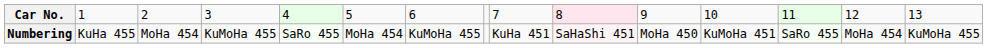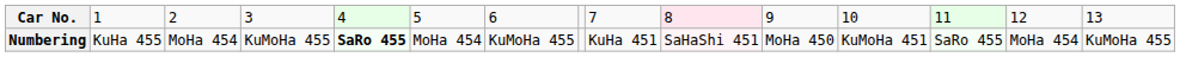 <table class="wikitable">
 <tr>
 <th>Car No.</th>
 <td>1</td>
 <td>2</td>
 <td>3</td>
 <td style="background: #E6FFE6">4</td>
 <td>5</td>
 <td>6</td>
 <td></td>
 <td>7</td>
 <td style="background: #FFE6EE">8</td>
 <td>9</td>
 <td>10</td>
 <td style="background: #E6FFE6">11</td>
 <td>12</td>
 <td>13</td>
 </tr>
 <tr>
 <th>Numbering</th>
 <td>KuHa 455</td>
 <td>MoHa 454</td>
 <td>KuMoHa 455</td>
-<td style="background: #F5FFF5">SaRo 455</td>
+<td style="background: #F5FFF5"><strong>SaRo 455</strong></td>
 <td>MoHa 454</td>
 <td>KuMoHa 455</td>
 <td></td>
 <td>KuHa 451</td>
 <td style="background: #FFF5F8">SaHaShi 451</td>
 <td>MoHa 450</td>
 <td>KuMoHa 451</td>
 <td style="background: #F5FFF5">SaRo 455</td>
 <td>MoHa 454</td>
 <td>KuMoHa 455</td>
 </tr>
 </table>
